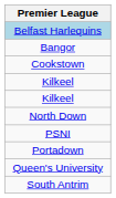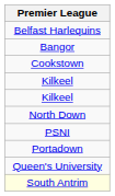 <table class="wikitable" style="margin: 1em auto 1em auto">
 <tr>
 <th width="150">Premier League</th>
 </tr>
 <tr>
-<td align="center" style="background: lightblue;"><a href='#'>Belfast Harlequins</a></td>
+<td align="center"><a href='#'>Belfast Harlequins</a></td>
 </tr>
 <tr>
 <td align="center"><a href='#'>Bangor</a></td>
 </tr>
 <tr>
 <td align="center"><a href='#'>Cookstown</a></td>
 </tr>
 <tr>
 <td align="center"><a href='#'>Kilkeel</a></td>
 </tr>
 <tr>
 <td align="center"><a href='#'>Kilkeel</a></td>
 </tr>
 <tr>
 <td align="center"><a href='#'>North Down</a></td>
 </tr>
 <tr>
 <td align="center"><a href='#'>PSNI</a></td>
 </tr>
 <tr>
 <td align="center"><a href='#'>Portadown</a></td>
 </tr>
 <tr>
 <td align="center"><a href='#'>Queen's University</a></td>
 </tr>
 <tr>
-<td align="center"><a href='#'>South Antrim</a></td>
+<td align="center" style="background: lightyellow;"><a href='#'>South Antrim</a></td>
 </tr>
 </table>
